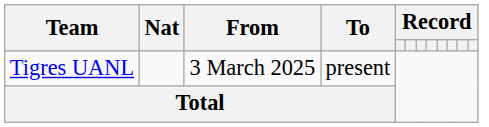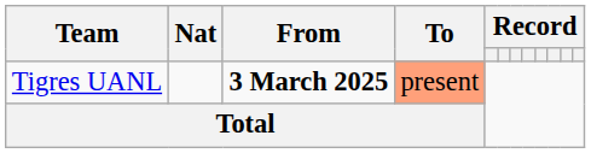 <table class="wikitable" tyle="text-align: center">
 <tr>
 <th rowspan="2">Team</th>
 <th rowspan="2">Nat</th>
 <th rowspan="2">From</th>
 <th rowspan="2">To</th>
 <th colspan="8">Record</th>
 </tr>
 <tr>
 <th></th>
 <th></th>
 <th></th>
 <th></th>
 <th></th>
 <th></th>
 <th></th>
 <th></th>
 </tr>
 <tr>
 <td align=center><a href='#'>Tigres UANL</a></td>
 <td></td>
-<td align=center>3 March 2025</td>
-<td align=center>present<br></td>
+<td align=center><strong>3 March 2025</strong></td>
+<td align=center style="background: lightsalmon;">present<br></td>
 </tr>
 <tr>
 <th colspan="4">Total<br></th>
 </tr>
 </table>
